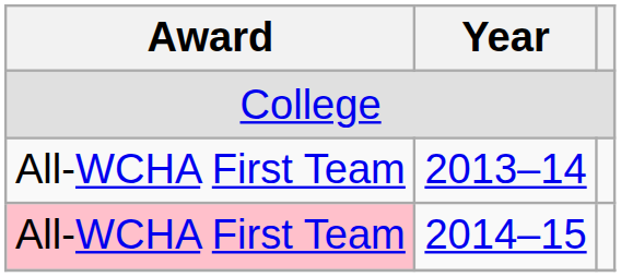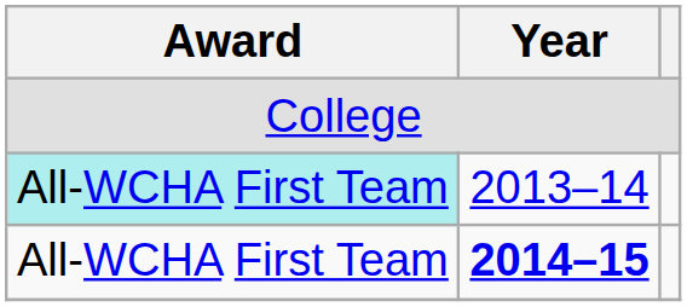 <table class="wikitable">
 <tr>
 <th>Award</th>
 <th>Year</th>
 <th></th>
 </tr>
 <tr ALIGN="center" bgcolor="#e0e0e0">
 <td colspan="3"><a href='#'>College</a></td>
 </tr>
 <tr>
-<td>All-<a href='#'>WCHA</a> <a href='#'>First Team</a></td>
+<td style="background: paleturquoise;">All-<a href='#'>WCHA</a> <a href='#'>First Team</a></td>
 <td><a href='#'>2013–14</a></td>
 <td></td>
 </tr>
 <tr>
-<td style="background: pink;">All-<a href='#'>WCHA</a> <a href='#'>First Team</a></td>
-<td><a href='#'>2014–15</a></td>
+<td>All-<a href='#'>WCHA</a> <a href='#'>First Team</a></td>
+<td><strong><a href='#'>2014–15</a></strong></td>
 <td></td>
 </tr>
 <tr>
 </tr>
 </table>
